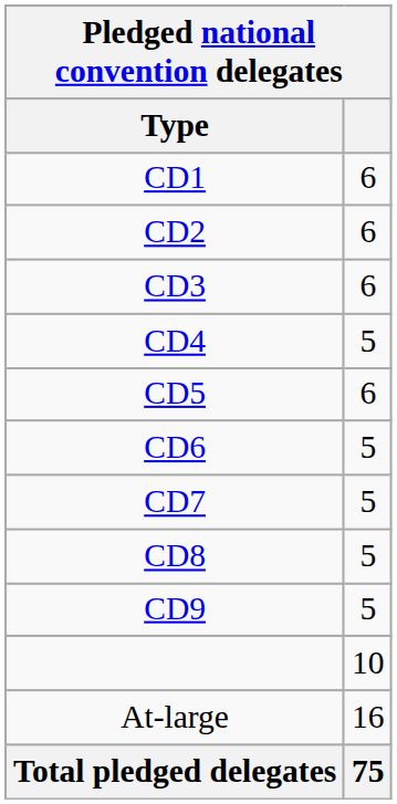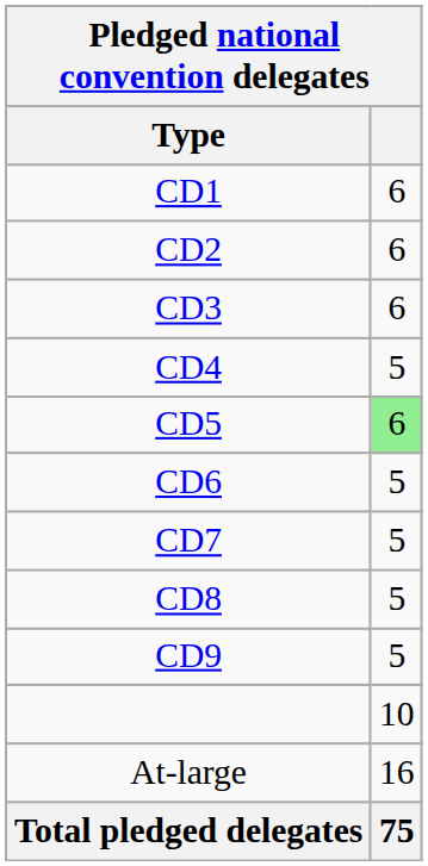 <table class="wikitable sortable" style="font-size:90%;text-align:center;float:none;padding:5px;">
 <tr>
 <th colspan="2">Pledged <a href='#'>national<br>convention</a> delegates</th>
 </tr>
 <tr>
 <th>Type</th>
 <th></th>
 </tr>
 <tr>
 <td><a href='#'>CD1</a></td>
 <td>6</td>
 </tr>
 <tr>
 <td><a href='#'>CD2</a></td>
 <td>6</td>
 </tr>
 <tr>
 <td><a href='#'>CD3</a></td>
 <td>6</td>
 </tr>
 <tr>
 <td><a href='#'>CD4</a></td>
 <td>5</td>
 </tr>
 <tr>
 <td><a href='#'>CD5</a></td>
-<td>6</td>
+<td style="background: lightgreen;">6</td>
 </tr>
 <tr>
 <td><a href='#'>CD6</a></td>
 <td>5</td>
 </tr>
 <tr>
 <td><a href='#'>CD7</a></td>
 <td>5</td>
 </tr>
 <tr>
 <td><a href='#'>CD8</a></td>
 <td>5</td>
 </tr>
 <tr>
 <td><a href='#'>CD9</a></td>
 <td>5</td>
 </tr>
 <tr>
 <td></td>
 <td>10</td>
 </tr>
 <tr>
 <td>At-large</td>
 <td>16</td>
 </tr>
 <tr>
 <th>Total pledged delegates</th>
 <th>75</th>
 </tr>
 </table>
